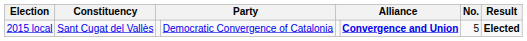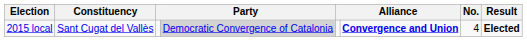 <table class="wikitable" style="text-align:left;">
 <tr>
 <th scope=col>Election</th>
 <th scope=col>Constituency</th>
 <th scope=col colspan="2">Party</th>
 <th scope=col colspan="2">Alliance</th>
 <th scope=col>No.</th>
 <th scope=col>Result</th>
 </tr>
 <tr>
 <td><a href='#'>2015 local</a></td>
 <td><a href='#'>Sant Cugat del Vallès</a></td>
 <td style="background:"></td>
-<td><a href='#'>Democratic Convergence of Catalonia</a></td>
+<td style="background: lightgrey;"><a href='#'>Democratic Convergence of Catalonia</a></td>
 <td style="background:"></td>
 <td><strong><a href='#'>Convergence and Union</a></strong></td>
-<td align=right>5</td>
+<td align=right>4</td>
 <td><strong>Elected</strong></td>
 </tr>
 </table>
